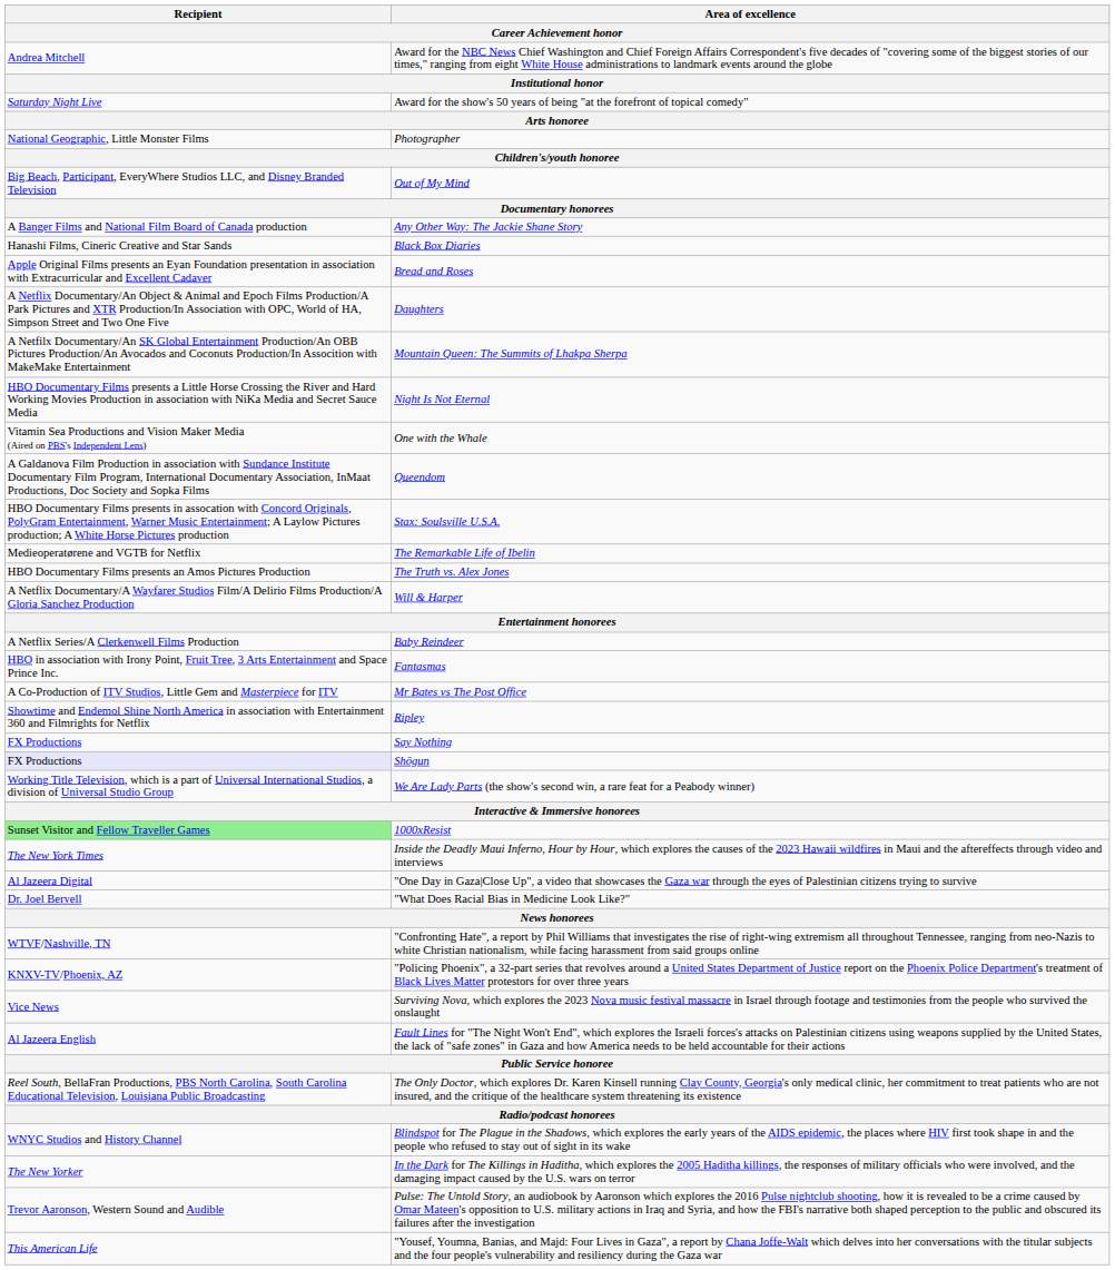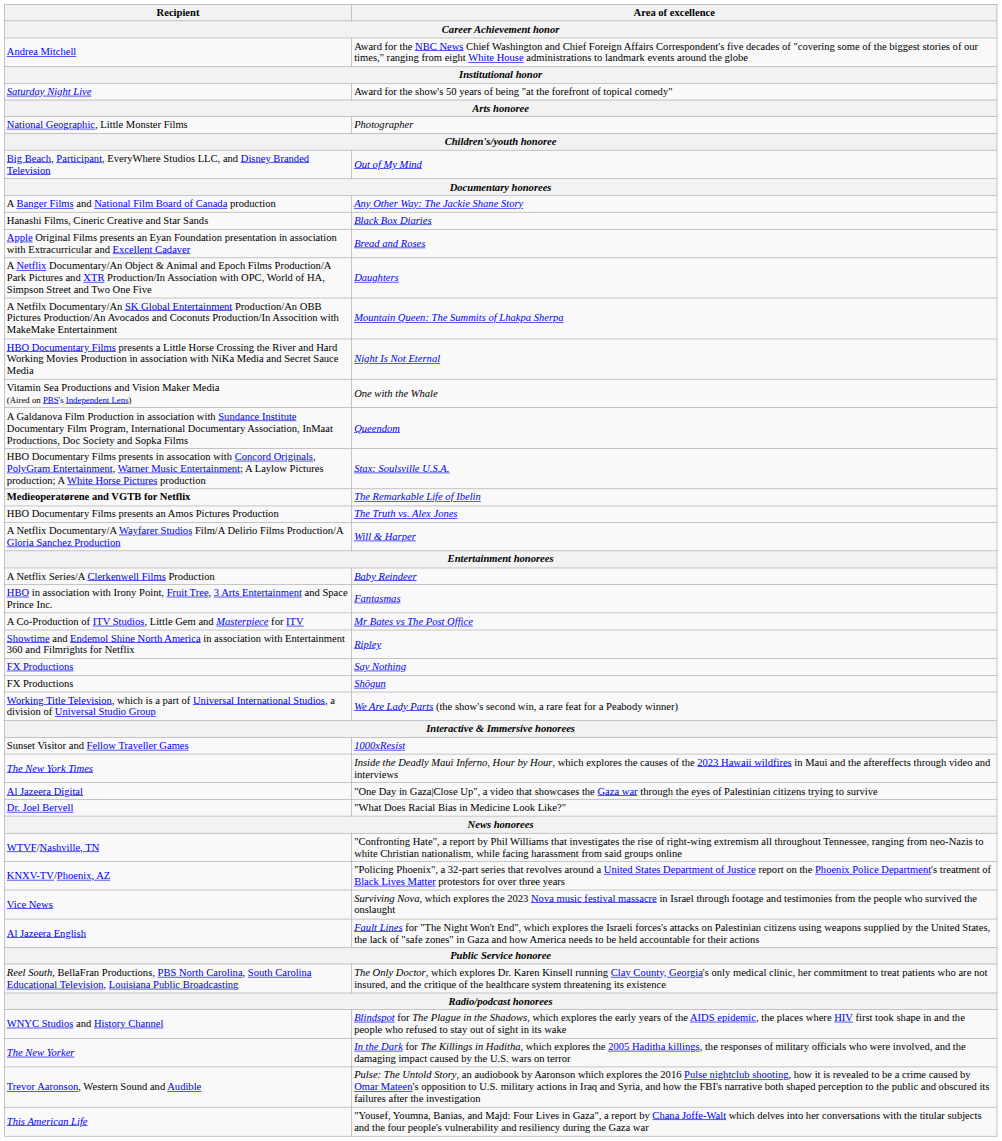 <table class="wikitable" style="width:95%">
 <tr style="background:#ccc;">
 <th style="width:35%;">Recipient</th>
 <th style="width:65%;">Area of excellence</th>
 </tr>
 <tr>
 <th colspan="2"><em>Career Achievement honor</em></th>
 </tr>
 <tr>
 <td><a href='#'>Andrea Mitchell</a></td>
 <td>Award for the <a href='#'>NBC News</a> Chief Washington and Chief Foreign Affairs Correspondent's five decades of "covering some of the biggest stories of our times," ranging from eight <a href='#'>White House</a> administrations to landmark events around the globe</td>
 </tr>
 <tr>
 <th colspan="2"><em>Institutional honor</em></th>
 </tr>
 <tr>
 <td><em><a href='#'>Saturday Night Live</a></em></td>
 <td>Award for the show's 50 years of being "at the forefront of topical comedy"</td>
 </tr>
 <tr>
 <th colspan="2"><em>Arts honoree</em></th>
 </tr>
 <tr>
 <td><a href='#'>National Geographic</a>, Little Monster Films</td>
 <td><em>Photographer</em></td>
 </tr>
 <tr>
 <th colspan="2"><em>Children's/youth honoree</em></th>
 </tr>
 <tr>
 <td><a href='#'>Big Beach</a>, <a href='#'>Participant</a>, EveryWhere Studios LLC, and <a href='#'>Disney Branded Television</a></td>
 <td><em><a href='#'>Out of My Mind</a></em></td>
 </tr>
 <tr>
 <th colspan="2"><em>Documentary honorees</em></th>
 </tr>
 <tr>
 <td>A <a href='#'>Banger Films</a> and <a href='#'>National Film Board of Canada</a> production</td>
 <td><em><a href='#'>Any Other Way: The Jackie Shane Story</a></em></td>
 </tr>
 <tr>
 <td>Hanashi Films, Cineric Creative and Star Sands</td>
 <td><em><a href='#'>Black Box Diaries</a></em></td>
 </tr>
 <tr>
 <td><a href='#'>Apple</a> Original Films presents an Eyan Foundation presentation in association with Extracurricular and <a href='#'>Excellent Cadaver</a></td>
 <td><em><a href='#'>Bread and Roses</a></em></td>
 </tr>
 <tr>
 <td>A <a href='#'>Netflix</a> Documentary/An Object & Animal and Epoch Films Production/A Park Pictures and <a href='#'>XTR</a> Production/In Association with OPC, World of HA, Simpson Street and Two One Five</td>
 <td><em><a href='#'>Daughters</a></em></td>
 </tr>
 <tr>
 <td>A Netfilx Documentary/An <a href='#'>SK Global Entertainment</a> Production/An OBB Pictures Production/An Avocados and Coconuts Production/In Assocition with MakeMake Entertainment</td>
 <td><em><a href='#'>Mountain Queen: The Summits of Lhakpa Sherpa</a></em></td>
 </tr>
 <tr>
 <td><a href='#'>HBO Documentary Films</a> presents a Little Horse Crossing the River and Hard Working Movies Production in association with NiKa Media and Secret Sauce Media</td>
 <td><em><a href='#'>Night Is Not Eternal</a></em></td>
 </tr>
 <tr>
 <td>Vitamin Sea Productions and Vision Maker Media<br><small>(Aired on <a href='#'>PBS</a>'s <a href='#'>Independent Lens</a>)</small></td>
 <td><em>One with the Whale</em></td>
 </tr>
 <tr>
 <td>A Galdanova Film Production in association with <a href='#'>Sundance Institute</a> Documentary Film Program, International Documentary Association, InMaat Productions, Doc Society and Sopka Films</td>
 <td><em><a href='#'>Queendom</a></em></td>
 </tr>
 <tr>
 <td>HBO Documentary Films presents in assocation with <a href='#'>Concord Originals</a>, <a href='#'>PolyGram Entertainment</a>, <a href='#'>Warner Music Entertainment</a>; A Laylow Pictures production; A <a href='#'>White Horse Pictures</a> production</td>
 <td><em><a href='#'>Stax: Soulsville U.S.A.</a></em></td>
 </tr>
 <tr>
-<td>Medieoperatørene and VGTB for Netflix</td>
+<td><strong>Medieoperatørene and VGTB for Netflix</strong></td>
 <td><em><a href='#'>The Remarkable Life of Ibelin</a></em></td>
 </tr>
 <tr>
 <td>HBO Documentary Films presents an Amos Pictures Production</td>
 <td><em><a href='#'>The Truth vs. Alex Jones</a></em></td>
 </tr>
 <tr>
 <td>A Netflix Documentary/A <a href='#'>Wayfarer Studios</a> Film/A Delirio Films Production/A <a href='#'>Gloria Sanchez Production</a></td>
 <td><em><a href='#'>Will & Harper</a></em></td>
 </tr>
 <tr>
 <th colspan="2"><em>Entertainment honorees</em></th>
 </tr>
 <tr>
 <td>A Netflix Series/A <a href='#'>Clerkenwell Films</a> Production</td>
 <td><em><a href='#'>Baby Reindeer</a></em></td>
 </tr>
 <tr>
 <td><a href='#'>HBO</a> in association with Irony Point, <a href='#'>Fruit Tree</a>, <a href='#'>3 Arts Entertainment</a> and Space Prince Inc.</td>
 <td><em><a href='#'>Fantasmas</a></em></td>
 </tr>
 <tr>
 <td>A Co-Production of <a href='#'>ITV Studios</a>, Little Gem and <em><a href='#'>Masterpiece</a></em> for <a href='#'>ITV</a></td>
 <td><em><a href='#'>Mr Bates vs The Post Office</a></em></td>
 </tr>
 <tr>
 <td><a href='#'>Showtime</a> and <a href='#'>Endemol Shine North America</a> in association with Entertainment 360 and Filmrights for Netflix</td>
 <td><em><a href='#'>Ripley</a></em></td>
 </tr>
 <tr>
 <td><a href='#'>FX Productions</a></td>
 <td><em><a href='#'>Say Nothing</a></em></td>
 </tr>
 <tr>
-<td style="background: lavender;">FX Productions</td>
+<td>FX Productions</td>
 <td><em><a href='#'>Shōgun</a></em></td>
 </tr>
 <tr>
 <td><a href='#'>Working Title Television</a>, which is a part of <a href='#'>Universal International Studios</a>, a division of <a href='#'>Universal Studio Group</a></td>
 <td><em><a href='#'>We Are Lady Parts</a></em> (the show's second win, a rare feat for a Peabody winner)</td>
 </tr>
 <tr>
 <th colspan="2"><em>Interactive & Immersive honorees</em></th>
 </tr>
 <tr>
-<td style="background: lightgreen;">Sunset Visitor and <a href='#'>Fellow Traveller Games</a></td>
+<td>Sunset Visitor and <a href='#'>Fellow Traveller Games</a></td>
 <td><em><a href='#'>1000xResist</a></em></td>
 </tr>
 <tr>
 <td><em><a href='#'>The New York Times</a></em></td>
 <td><em>Inside the Deadly Maui Inferno, Hour by Hour</em>, which explores the causes of the <a href='#'>2023 Hawaii wildfires</a> in Maui and the aftereffects through video and interviews</td>
 </tr>
 <tr>
 <td><a href='#'>Al Jazeera Digital</a></td>
 <td>"One Day in Gaza|Close Up", a video that showcases the <a href='#'>Gaza war</a> through the eyes of Palestinian citizens trying to survive</td>
 </tr>
 <tr>
 <td><a href='#'>Dr. Joel Bervell</a></td>
 <td>"What Does Racial Bias in Medicine Look Like?"</td>
 </tr>
 <tr>
 <th colspan="2"><em>News honorees</em></th>
 </tr>
 <tr>
 <td><a href='#'>WTVF</a>/<a href='#'>Nashville, TN</a></td>
 <td>"Confronting Hate", a report by Phil Williams that investigates the rise of right-wing extremism all throughout Tennessee, ranging from neo-Nazis to white Christian nationalism, while facing harassment from said groups online</td>
 </tr>
 <tr>
 <td><a href='#'>KNXV-TV</a>/<a href='#'>Phoenix, AZ</a></td>
 <td>"Policing Phoenix", a 32-part series that revolves around a <a href='#'>United States Department of Justice</a> report on the <a href='#'>Phoenix Police Department</a>'s treatment of <a href='#'>Black Lives Matter</a> protestors for over three years</td>
 </tr>
 <tr>
 <td><a href='#'>Vice News</a></td>
 <td><em>Surviving Nova</em>, which explores the 2023 <a href='#'>Nova music festival massacre</a> in Israel through footage and testimonies from the people who survived the onslaught</td>
 </tr>
 <tr>
 <td><a href='#'>Al Jazeera English</a></td>
 <td><em><a href='#'>Fault Lines</a></em> for "The Night Won't End", which explores the Israeli forces's attacks on Palestinian citizens using weapons supplied by the United States, the lack of "safe zones" in Gaza and how America needs to be held accountable for their actions</td>
 </tr>
 <tr>
 <th colspan="2"><em>Public Service honoree</em></th>
 </tr>
 <tr>
 <td><em>Reel South</em>, BellaFran Productions, <a href='#'>PBS North Carolina</a>, <a href='#'>South Carolina Educational Television</a>, <a href='#'>Louisiana Public Broadcasting</a></td>
 <td><em>The Only Doctor</em>, which explores Dr. Karen Kinsell running <a href='#'>Clay County, Georgia</a>'s only medical clinic, her commitment to treat patients who are not insured, and the critique of the healthcare system threatening its existence</td>
 </tr>
 <tr>
 <th colspan="2"><em>Radio/podcast honorees</em></th>
 </tr>
 <tr>
 <td><a href='#'>WNYC Studios</a> and <a href='#'>History Channel</a></td>
 <td><em><a href='#'>Blindspot</a></em> for <em>The Plague in the Shadows</em>, which explores the early years of the <a href='#'>AIDS epidemic</a>, the places where <a href='#'>HIV</a> first took shape in and the people who refused to stay out of sight in its wake</td>
 </tr>
 <tr>
 <td><em><a href='#'>The New Yorker</a></em></td>
 <td><em><a href='#'>In the Dark</a></em> for <em>The Killings in Haditha</em>, which explores the <a href='#'>2005 Haditha killings</a>, the responses of military officials who were involved, and the damaging impact caused by the U.S. wars on terror</td>
 </tr>
 <tr>
 <td><a href='#'>Trevor Aaronson</a>, Western Sound and <a href='#'>Audible</a></td>
 <td><em>Pulse: The Untold Story</em>, an audiobook by Aaronson which explores the 2016 <a href='#'>Pulse nightclub shooting</a>, how it is revealed to be a crime caused by <a href='#'>Omar Mateen</a>'s opposition to U.S. military actions in Iraq and Syria, and how the FBI's narrative both shaped perception to the public and obscured its failures after the investigation</td>
 </tr>
 <tr>
 <td><em><a href='#'>This American Life</a></em></td>
 <td>"Yousef, Youmna, Banias, and Majd: Four Lives in Gaza", a report by <a href='#'>Chana Joffe-Walt</a> which delves into her conversations with the titular subjects and the four people's vulnerability and resiliency during the Gaza war</td>
 </tr>
 </table>
